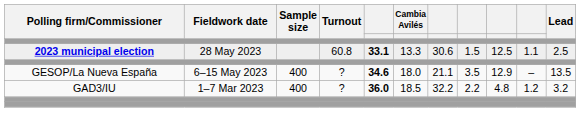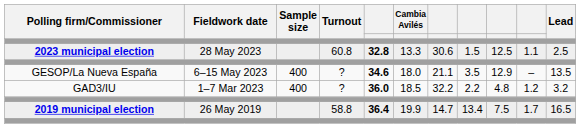 <table class="wikitable collapsible collapsed" style="text-align:center; font-size:95%; line-height:16px;">
 <tr style="height:42px;">
 <th style="width:250px;" rowspan="2">Polling firm/Commissioner</th>
 <th style="width:125px;" rowspan="2">Fieldwork date</th>
 <th style="width:50px;" rowspan="2">Sample size</th>
 <th style="width:45px;" rowspan="2">Turnout</th>
 <th style="width:35px;"></th>
 <th style="width:35px; font-size:80%;">Cambia<br>Avilés</th>
 <th style="width:35px;"></th>
 <th style="width:35px;"></th>
 <th style="width:35px;"></th>
 <th style="width:35px;"></th>
 <th style="width:30px;" rowspan="2">Lead</th>
 </tr>
 <tr>
 <th style="color:inherit;background:"></th>
 <th style="color:inherit;background:"></th>
 <th style="color:inherit;background:"></th>
 <th style="color:inherit;background:"></th>
 <th style="color:inherit;background:"></th>
 <th style="color:inherit;background:"></th>
 </tr>
 <tr>
 <td colspan="11" style="background:#A0A0A0"></td>
 </tr>
 <tr style="background:#EFEFEF;">
 <td><strong><a href='#'>2023 municipal election</a></strong></td>
 <td>28 May 2023</td>
 <td></td>
 <td>60.8</td>
-<td><strong>33.1</strong><br></td>
+<td><strong>32.8</strong><br></td>
 <td>13.3<br></td>
 <td>30.6<br></td>
 <td>1.5<br></td>
 <td>12.5<br></td>
 <td>1.1<br></td>
 <td style="background:">2.5</td>
 </tr>
 <tr>
 <td colspan="11" style="background:#A0A0A0"></td>
 </tr>
 <tr>
 <td>GESOP/La Nueva España</td>
 <td>6–15 May 2023</td>
 <td>400</td>
 <td>?</td>
 <td><strong>34.6</strong><br></td>
 <td>18.0<br></td>
 <td>21.1<br></td>
 <td>3.5<br></td>
 <td>12.9<br></td>
 <td>–</td>
 <td style="background:">13.5</td>
 </tr>
 <tr>
 <td>GAD3/IU</td>
 <td>1–7 Mar 2023</td>
 <td>400</td>
 <td>?</td>
 <td><strong>36.0</strong><br></td>
 <td>18.5<br></td>
 <td>32.2<br></td>
 <td>2.2<br></td>
 <td>4.8<br></td>
 <td>1.2<br></td>
 <td style="background:">3.2</td>
 </tr>
 <tr>
 <td colspan="11" style="background:#A0A0A0"></td>
 </tr>
+<tr style="background:#EFEFEF;">
+<td><strong><a href='#'>2019 municipal election</a></strong></td>
+<td>26 May 2019</td>
+<td></td>
+<td>58.8</td>
+<td><strong>36.4</strong><br></td>
+<td>19.9<br></td>
+<td>14.7<br></td>
+<td>13.4<br></td>
+<td>7.5<br></td>
+<td>1.7<br></td>
+<td style="background:">16.5</td>
+</tr>
 <tr>
 <td colspan="11" style="background:#A0A0A0"></td>
 </tr>
 </table>
